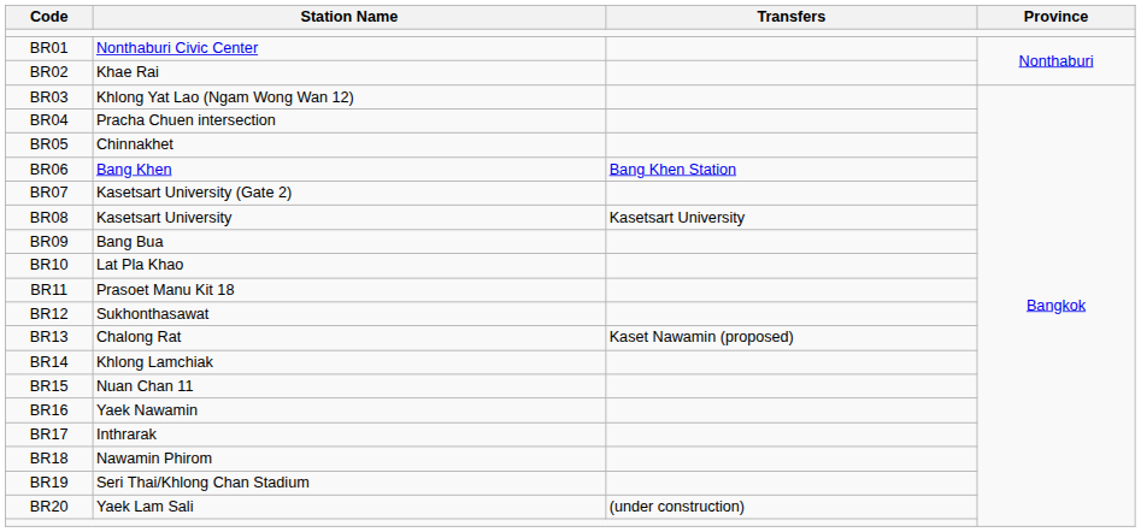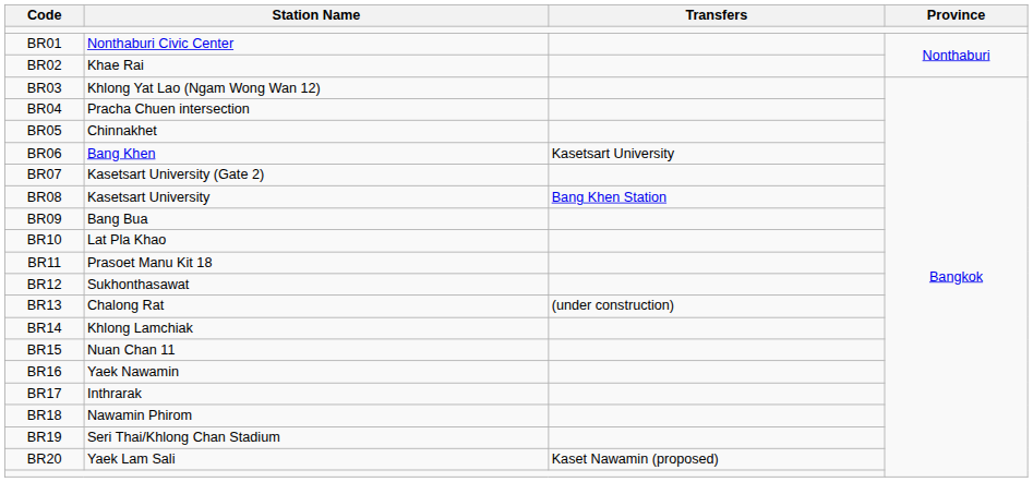 <table class="wikitable" width=75%>
 <tr>
 <th>Code</th>
 <th>Station Name</th>
 <th>Transfers</th>
 <th>Province</th>
 </tr>
 <tr style="background:#">
 <td colspan = "5"></td>
 </tr>
 <tr>
 <td align="center">BR01</td>
 <td><a href='#'>Nonthaburi Civic Center</a></td>
 <td> </td>
 <td align="center" rowspan="2"><a href='#'>Nonthaburi</a></td>
 </tr>
 <tr>
 <td align="center">BR02</td>
 <td>Khae Rai</td>
 <td></td>
 </tr>
 <tr>
 <td align="center">BR03</td>
 <td>Khlong Yat Lao (Ngam Wong Wan 12)</td>
 <td></td>
 <td align="center" rowspan="21"><a href='#'>Bangkok</a></td>
 </tr>
 <tr>
 <td align="center">BR04</td>
 <td>Pracha Chuen intersection</td>
 <td></td>
 </tr>
 <tr>
 <td align="center">BR05</td>
 <td>Chinnakhet</td>
 <td></td>
 </tr>
 <tr>
 <td align="center">BR06</td>
 <td><a href='#'>Bang Khen</a></td>
-<td> <a href='#'>Bang Khen Station</a></td>
+<td> Kasetsart University</td>
 </tr>
 <tr>
 <td align="center">BR07</td>
 <td>Kasetsart University (Gate 2)</td>
 <td></td>
 </tr>
 <tr>
 <td align="center">BR08</td>
 <td>Kasetsart University</td>
-<td> Kasetsart University</td>
+<td> <a href='#'>Bang Khen Station</a></td>
 </tr>
 <tr>
 <td align="center">BR09</td>
 <td>Bang Bua</td>
 <td></td>
 </tr>
 <tr>
 <td align="center">BR10</td>
 <td>Lat Pla Khao</td>
 <td></td>
 </tr>
 <tr>
 <td align="center">BR11</td>
 <td>Prasoet Manu Kit 18</td>
 <td></td>
 </tr>
 <tr>
 <td align="center">BR12</td>
 <td>Sukhonthasawat</td>
 <td></td>
 </tr>
 <tr>
 <td align="center">BR13</td>
 <td>Chalong Rat</td>
-<td> Kaset Nawamin (proposed)</td>
+<td> (under construction) </td>
 </tr>
 <tr>
 <td align="center">BR14</td>
 <td>Khlong Lamchiak</td>
 <td></td>
 </tr>
 <tr>
 <td align="center">BR15</td>
 <td>Nuan Chan 11</td>
 <td></td>
 </tr>
 <tr>
 <td align="center">BR16</td>
 <td>Yaek Nawamin</td>
 <td></td>
 </tr>
 <tr>
 <td align="center">BR17</td>
 <td>Inthrarak</td>
 <td></td>
 </tr>
 <tr>
 <td align="center">BR18</td>
 <td>Nawamin Phirom</td>
 <td></td>
 </tr>
 <tr>
 <td align="center">BR19</td>
 <td>Seri Thai/Khlong Chan Stadium</td>
 <td></td>
 </tr>
 <tr>
 <td align="center">BR20</td>
 <td>Yaek Lam Sali</td>
-<td> (under construction) </td>
+<td> Kaset Nawamin (proposed)</td>
 </tr>
 <tr style="background:#">
 <td colspan = "5"></td>
 </tr>
 </table>
